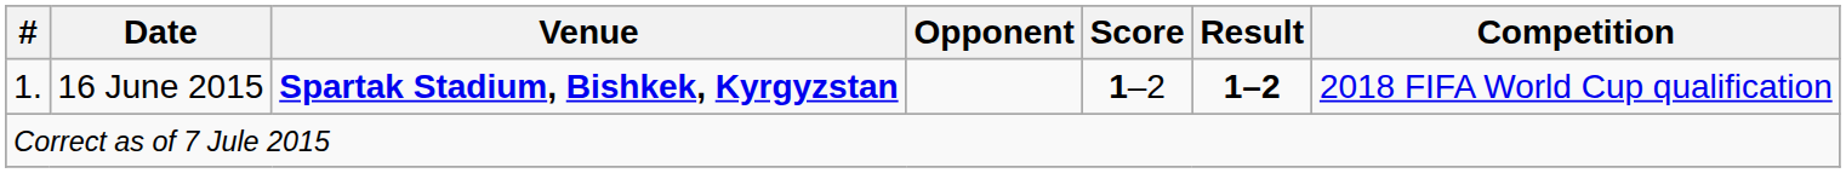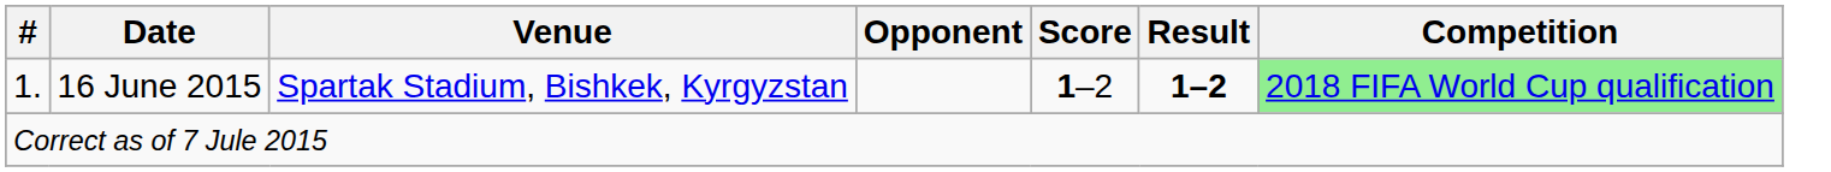 <table class="wikitable">
 <tr>
 <th>#</th>
 <th>Date</th>
 <th>Venue</th>
 <th>Opponent</th>
 <th>Score</th>
 <th>Result</th>
 <th>Competition</th>
 </tr>
 <tr>
 <td>1.</td>
 <td>16 June 2015</td>
-<td><strong><a href='#'>Spartak Stadium</a>, <a href='#'>Bishkek</a>, <a href='#'>Kyrgyzstan</a></strong></td>
+<td><a href='#'>Spartak Stadium</a>, <a href='#'>Bishkek</a>, <a href='#'>Kyrgyzstan</a></td>
 <td></td>
 <td align=center><strong>1</strong>–2</td>
 <td align=center><strong>1–2</strong></td>
-<td><a href='#'>2018 FIFA World Cup qualification</a></td>
+<td style="background: lightgreen;"><a href='#'>2018 FIFA World Cup qualification</a></td>
 </tr>
 <tr>
 <td colspan="12"><small><em>Correct as of 7 Jule 2015</em></small></td>
 </tr>
 </table>
